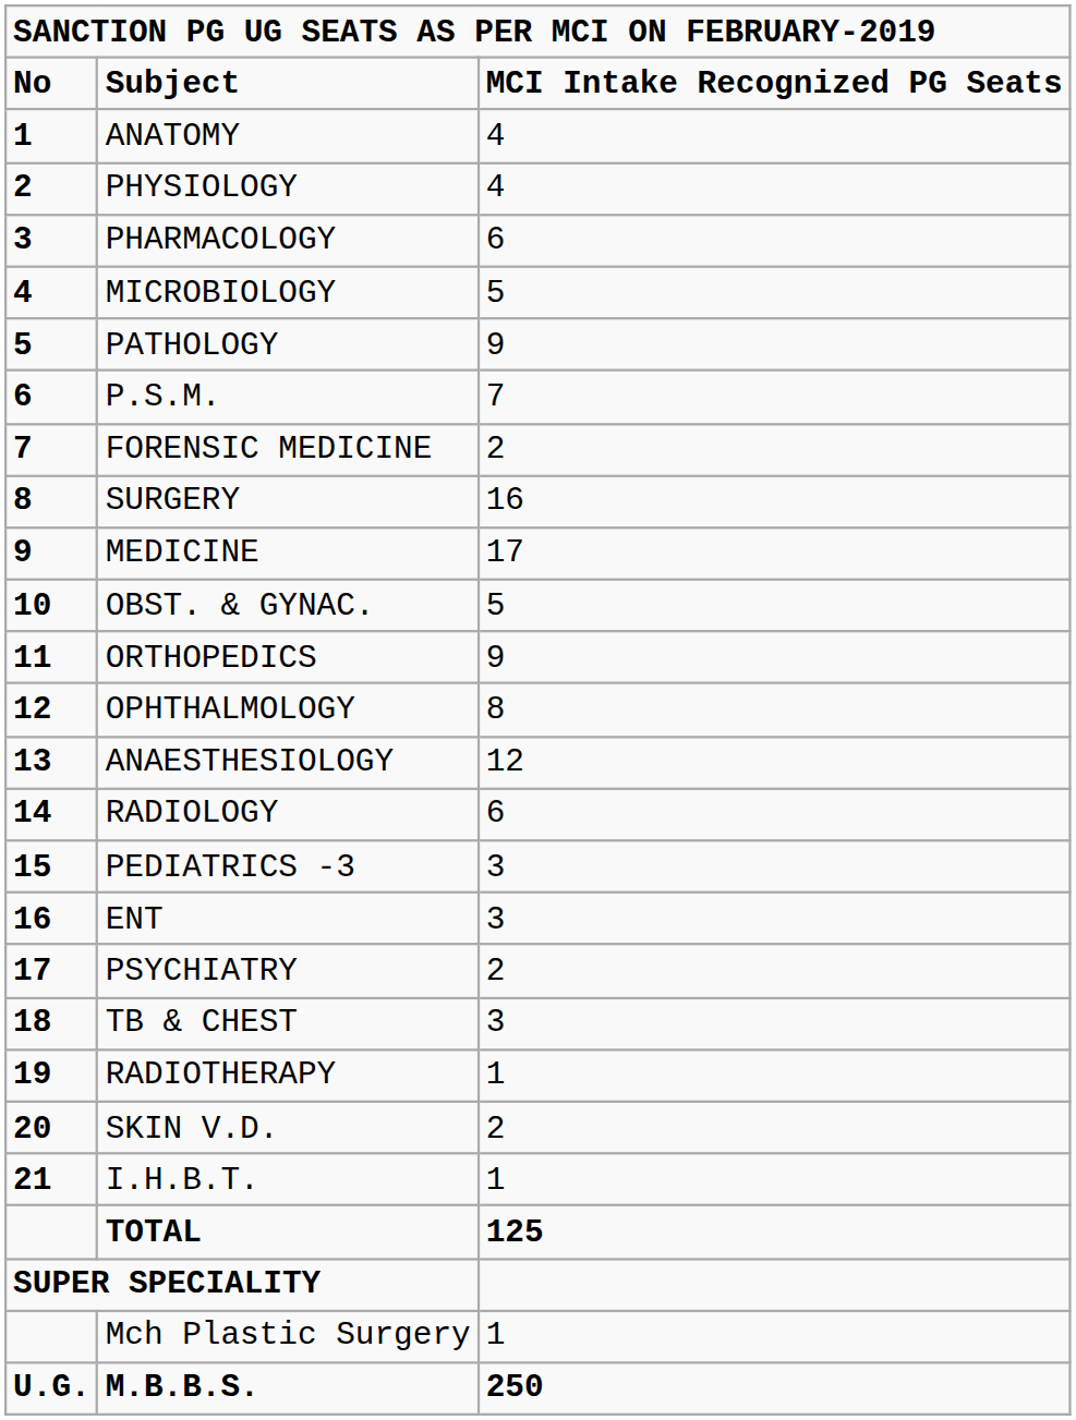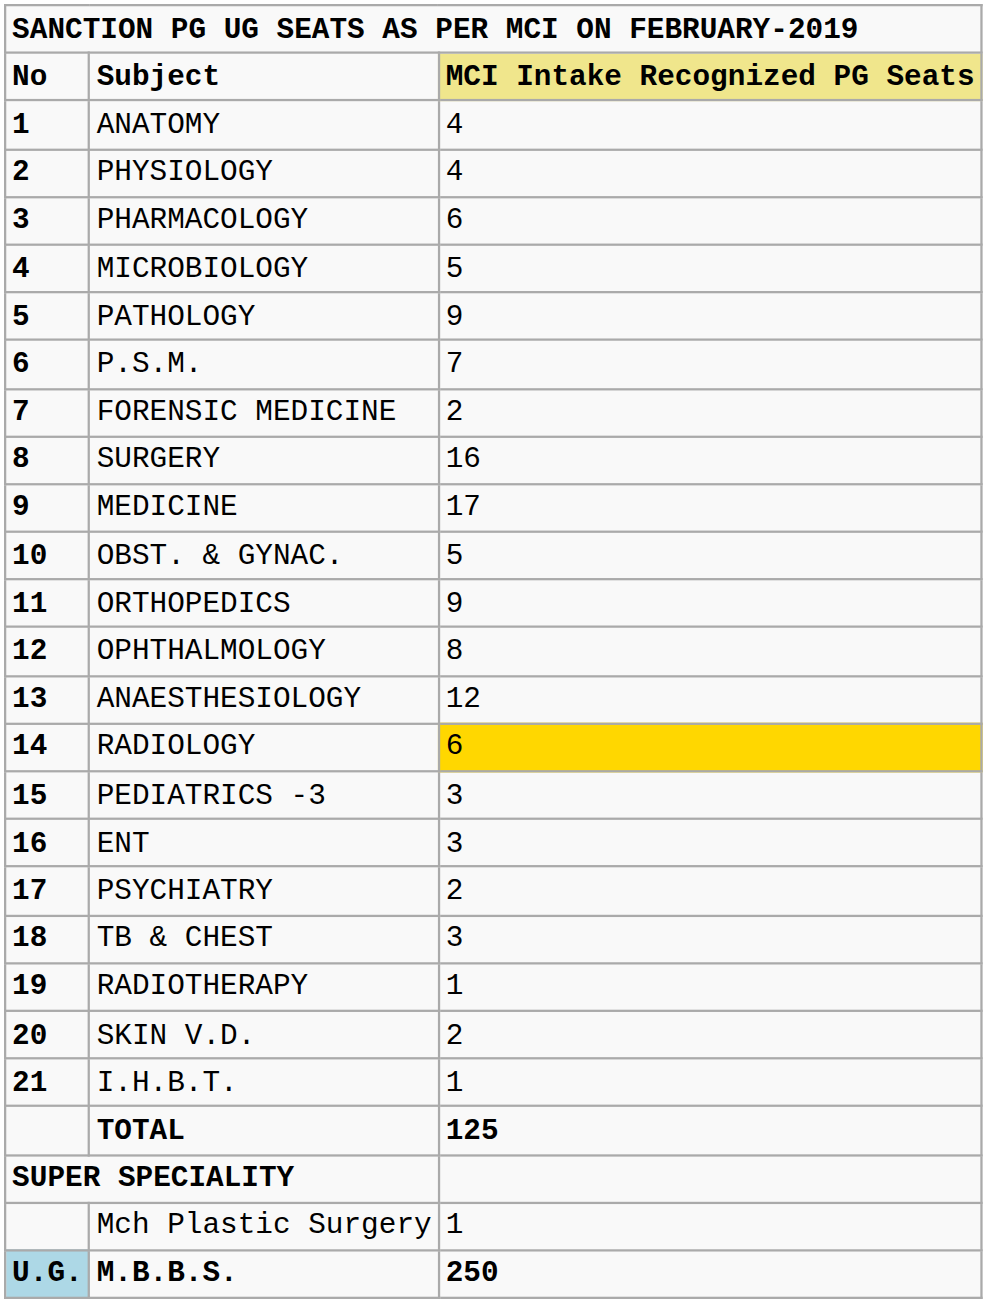 <table class="wikitable">
 <tr>
 <td colspan="3"><strong>SANCTION PG UG SEATS AS PER MCI ON FEBRUARY-2019</strong></td>
 </tr>
 <tr>
 <td><strong>No</strong> </td>
 <td><strong>Subject</strong></td>
-<td><strong>MCI Intake Recognized PG Seats</strong></td>
+<td style="background: khaki;"><strong>MCI Intake Recognized PG Seats</strong></td>
 </tr>
 <tr>
 <td><strong>1</strong></td>
 <td>ANATOMY</td>
 <td>4</td>
 </tr>
 <tr>
 <td><strong>2</strong></td>
 <td>PHYSIOLOGY</td>
 <td>4</td>
 </tr>
 <tr>
 <td><strong>3</strong></td>
 <td>PHARMACOLOGY</td>
 <td>6</td>
 </tr>
 <tr>
 <td><strong>4</strong></td>
 <td>MICROBIOLOGY</td>
 <td>5</td>
 </tr>
 <tr>
 <td><strong>5</strong></td>
 <td>PATHOLOGY</td>
 <td>9</td>
 </tr>
 <tr>
 <td><strong>6</strong></td>
 <td>P.S.M.</td>
 <td>7</td>
 </tr>
 <tr>
 <td><strong>7</strong></td>
 <td>FORENSIC MEDICINE</td>
 <td>2</td>
 </tr>
 <tr>
 <td><strong>8</strong></td>
 <td>SURGERY</td>
 <td>16</td>
 </tr>
 <tr>
 <td><strong>9</strong></td>
 <td>MEDICINE</td>
 <td>17</td>
 </tr>
 <tr>
 <td><strong>10</strong></td>
 <td>OBST. & GYNAC.</td>
 <td>5</td>
 </tr>
 <tr>
 <td><strong>11</strong></td>
 <td>ORTHOPEDICS</td>
 <td>9</td>
 </tr>
 <tr>
 <td><strong>12</strong></td>
 <td>OPHTHALMOLOGY</td>
 <td>8</td>
 </tr>
 <tr>
 <td><strong>13</strong></td>
 <td>ANAESTHESIOLOGY</td>
 <td>12</td>
 </tr>
 <tr>
 <td><strong>14</strong></td>
 <td>RADIOLOGY</td>
-<td>6</td>
+<td style="background: gold;">6</td>
 </tr>
 <tr>
 <td><strong>15</strong></td>
 <td>PEDIATRICS -3</td>
 <td>3</td>
 </tr>
 <tr>
 <td><strong>16</strong></td>
 <td>ENT</td>
 <td>3</td>
 </tr>
 <tr>
 <td><strong>17</strong></td>
 <td>PSYCHIATRY</td>
 <td>2</td>
 </tr>
 <tr>
 <td><strong>18</strong></td>
 <td>TB & CHEST</td>
 <td>3</td>
 </tr>
 <tr>
 <td><strong>19</strong></td>
 <td>RADIOTHERAPY</td>
 <td>1</td>
 </tr>
 <tr>
 <td><strong>20</strong></td>
 <td>SKIN V.D.</td>
 <td>2</td>
 </tr>
 <tr>
 <td><strong>21</strong></td>
 <td>I.H.B.T.</td>
 <td>1</td>
 </tr>
 <tr>
 <td></td>
 <td><strong>TOTAL</strong></td>
 <td><strong>125</strong></td>
 </tr>
 <tr>
 <td colspan="2"><strong>SUPER SPECIALITY</strong></td>
 <td></td>
 </tr>
 <tr>
 <td></td>
 <td>Mch Plastic Surgery</td>
 <td>1</td>
 </tr>
 <tr>
-<td><strong>U.G.</strong></td>
+<td style="background: lightblue;"><strong>U.G.</strong></td>
 <td><strong>M.B.B.S.</strong></td>
 <td><strong>250</strong></td>
 </tr>
 </table>
